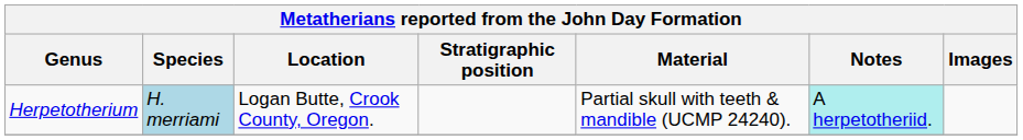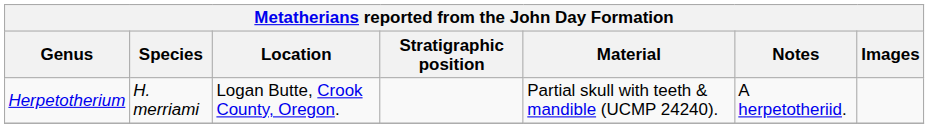 <table class="wikitable" align="center">
 <tr>
 <th colspan="7" align="center"><strong><a href='#'>Metatherians</a> reported from the John Day Formation</strong></th>
 </tr>
 <tr>
 <th>Genus</th>
 <th>Species</th>
 <th>Location</th>
 <th><strong>Stratigraphic position</strong></th>
 <th><strong>Material</strong></th>
 <th>Notes</th>
 <th>Images</th>
 </tr>
 <tr>
 <td><em><a href='#'>Herpetotherium</a></em></td>
-<td style="background: lightblue;"><em>H. merriami</em></td>
+<td><em>H. merriami</em></td>
 <td>Logan Butte, <a href='#'>Crook County, Oregon</a>.</td>
 <td></td>
 <td>Partial skull with teeth & <a href='#'>mandible</a> (UCMP 24240).</td>
-<td style="background: paleturquoise;">A <a href='#'>herpetotheriid</a>.</td>
+<td>A <a href='#'>herpetotheriid</a>.</td>
 <td></td>
 </tr>
 <tr>
 </tr>
 </table>
